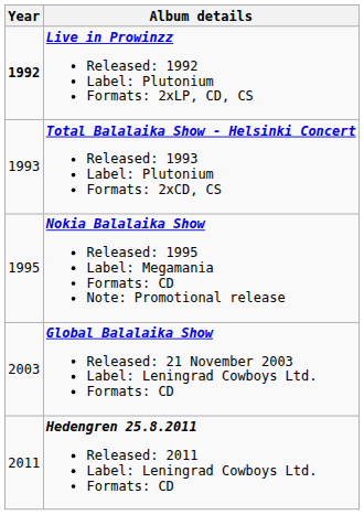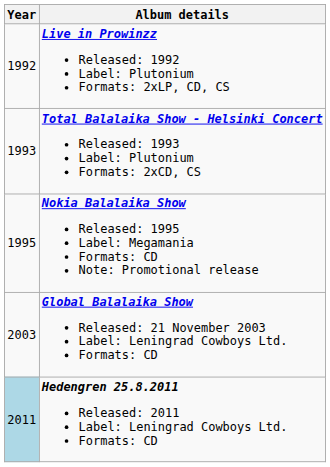 <table class="wikitable">
 <tr>
 <th>Year</th>
 <th>Album details</th>
 </tr>
 <tr>
-<td><strong>1992</strong></td>
+<td>1992</td>
 <td><strong><em><a href='#'>Live in Prowinzz</a></em></strong><br><ul><li>Released: 1992</li><li>Label: Plutonium </li><li>Formats: 2xLP, CD, CS</li></ul></td>
 </tr>
 <tr>
 <td>1993</td>
 <td><strong><em><a href='#'>Total Balalaika Show - Helsinki Concert</a></em></strong><br><ul><li>Released: 1993</li><li>Label: Plutonium </li><li>Formats: 2xCD, CS</li></ul></td>
 </tr>
 <tr>
 <td>1995</td>
 <td><strong><em><a href='#'>Nokia Balalaika Show</a></em></strong><br><ul><li>Released: 1995</li><li>Label: Megamania </li><li>Formats: CD</li><li>Note: Promotional release</li></ul></td>
 </tr>
 <tr>
 <td>2003</td>
 <td><strong><em><a href='#'>Global Balalaika Show</a></em></strong><br><ul><li>Released: 21 November 2003</li><li>Label: Leningrad Cowboys Ltd. </li><li>Formats: CD</li></ul></td>
 </tr>
 <tr>
-<td>2011</td>
+<td style="background: lightblue;">2011</td>
 <td><strong><em>Hedengren 25.8.2011</em></strong><br><ul><li>Released: 2011</li><li>Label: Leningrad Cowboys Ltd. </li><li>Formats: CD</li></ul></td>
 </tr>
 </table>
